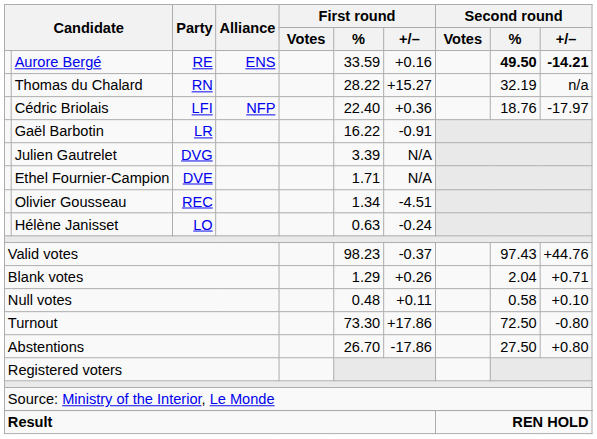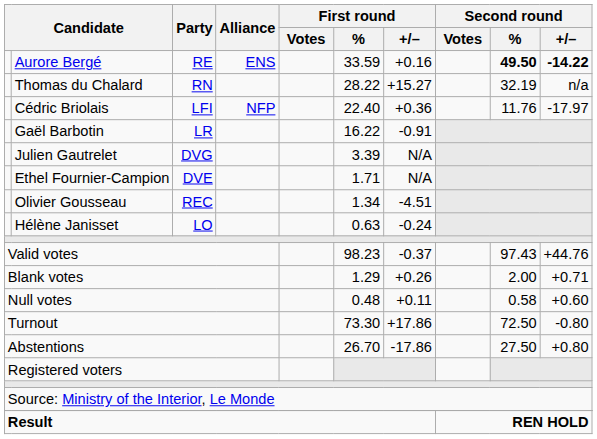 <table class="wikitable" style="text-align:right;font-size:95%;">
 <tr>
 <th rowspan="2" colspan="2">Candidate</th>
 <th rowspan="2">Party</th>
 <th rowspan="2">Alliance</th>
 <th colspan="3">First round</th>
 <th colspan="3">Second round</th>
 </tr>
 <tr>
 <th style="width:50px;">Votes</th>
 <th style="width:45px;">%</th>
 <th style="width:45px;">+/–</th>
 <th style="width:50px;">Votes</th>
 <th style="width:45px;">%</th>
 <th style="width:45px;">+/–</th>
 </tr>
 <tr>
 <td style="color:inherit;background:"></td>
 <td style="text-align:left;"><a href='#'>Aurore Bergé</a></td>
 <td><a href='#'>RE</a></td>
 <td><a href='#'>ENS</a></td>
 <td></td>
 <td>33.59</td>
 <td>+0.16</td>
 <td><strong> </strong></td>
 <td><strong>49.50 </strong></td>
-<td><strong>-14.21 </strong></td>
+<td><strong>-14.22 </strong></td>
 </tr>
 <tr>
 <td style="color:inherit;background:"></td>
 <td style="text-align:left;">Thomas du Chalard</td>
 <td><a href='#'>RN</a></td>
 <td></td>
 <td></td>
 <td>28.22</td>
 <td>+15.27</td>
 <td></td>
 <td>32.19</td>
 <td>n/a</td>
 </tr>
 <tr>
 <td style="color:inherit;background:"></td>
 <td style="text-align:left;">Cédric Briolais</td>
 <td><a href='#'>LFI</a></td>
 <td><a href='#'>NFP</a></td>
 <td></td>
 <td>22.40</td>
 <td>+0.36</td>
 <td></td>
-<td>18.76</td>
+<td>11.76</td>
 <td>-17.97</td>
 </tr>
 <tr>
 <td style="color:inherit;background:"></td>
 <td style="text-align:left;">Gaël Barbotin</td>
 <td><a href='#'>LR</a></td>
 <td></td>
 <td></td>
 <td>16.22</td>
 <td>-0.91</td>
 <td colspan="3" style="background:#E9E9E9;"></td>
 </tr>
 <tr>
 <td style="color:inherit;background:"></td>
 <td style="text-align:left;">Julien Gautrelet</td>
 <td><a href='#'>DVG</a></td>
 <td></td>
 <td></td>
 <td>3.39</td>
 <td>N/A</td>
 <td colspan="3" style="background:#E9E9E9;"></td>
 </tr>
 <tr>
 <td style="color:inherit;background:"></td>
 <td style="text-align:left;">Ethel Fournier-Campion</td>
 <td><a href='#'>DVE</a></td>
 <td></td>
 <td></td>
 <td>1.71</td>
 <td>N/A</td>
 <td colspan="3" style="background:#E9E9E9;"></td>
 </tr>
 <tr>
 <td style="color:inherit;background:"></td>
 <td style="text-align:left;">Olivier Gousseau</td>
 <td><a href='#'>REC</a></td>
 <td></td>
 <td></td>
 <td>1.34</td>
 <td>-4.51</td>
 <td colspan="3" style="background:#E9E9E9;"></td>
 </tr>
 <tr>
 <td style="color:inherit;background:"></td>
 <td style="text-align:left;">Hélène Janisset</td>
 <td><a href='#'>LO</a></td>
 <td></td>
 <td></td>
 <td>0.63</td>
 <td>-0.24</td>
 <td colspan="3" style="background:#E9E9E9;"></td>
 </tr>
 <tr>
 <td colspan="10" style="background:#E9E9E9;"></td>
 </tr>
 <tr>
 <td colspan="4" style="text-align:left;">Valid votes</td>
 <td></td>
 <td>98.23</td>
 <td>-0.37</td>
 <td></td>
 <td>97.43</td>
 <td>+44.76</td>
 </tr>
 <tr>
 <td colspan="4" style="text-align:left;">Blank votes</td>
 <td></td>
 <td>1.29</td>
 <td>+0.26</td>
 <td></td>
-<td>2.04</td>
+<td>2.00</td>
 <td>+0.71</td>
 </tr>
 <tr>
 <td colspan="4" style="text-align:left;">Null votes</td>
 <td></td>
 <td>0.48</td>
 <td>+0.11</td>
 <td></td>
 <td>0.58</td>
-<td>+0.10</td>
+<td>+0.60</td>
 </tr>
 <tr>
 <td colspan="4" style="text-align:left;">Turnout</td>
 <td></td>
 <td>73.30</td>
 <td>+17.86</td>
 <td></td>
 <td>72.50</td>
 <td>-0.80</td>
 </tr>
 <tr>
 <td colspan="4" style="text-align:left;">Abstentions</td>
 <td></td>
 <td>26.70</td>
 <td>-17.86</td>
 <td></td>
 <td>27.50</td>
 <td>+0.80</td>
 </tr>
 <tr>
 <td colspan="4" style="text-align:left;">Registered voters</td>
 <td></td>
 <td colspan="2" style="background:#E9E9E9;"></td>
 <td></td>
 <td colspan="2" style="background:#E9E9E9;"></td>
 </tr>
 <tr>
 <td colspan="10" style="background:#E9E9E9;"></td>
 </tr>
 <tr>
 <td colspan="10" style="text-align:left;">Source: <a href='#'>Ministry of the Interior</a>, <a href='#'>Le Monde</a></td>
 </tr>
 <tr>
 </tr>
 <tr style="font-weight:bold">
 <td colspan="7" style="text-align:left;">Result</td>
 <td colspan="7" style="background-color:">REN HOLD</td>
 </tr>
 </table>
